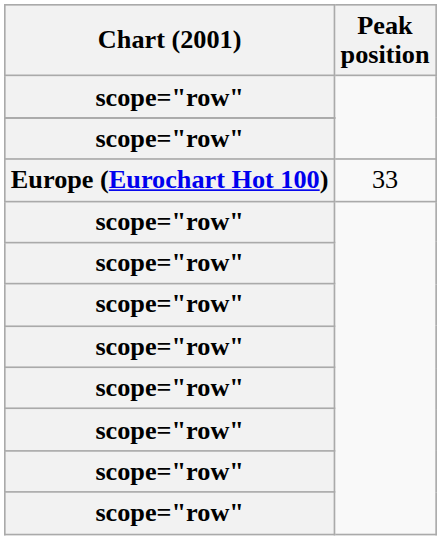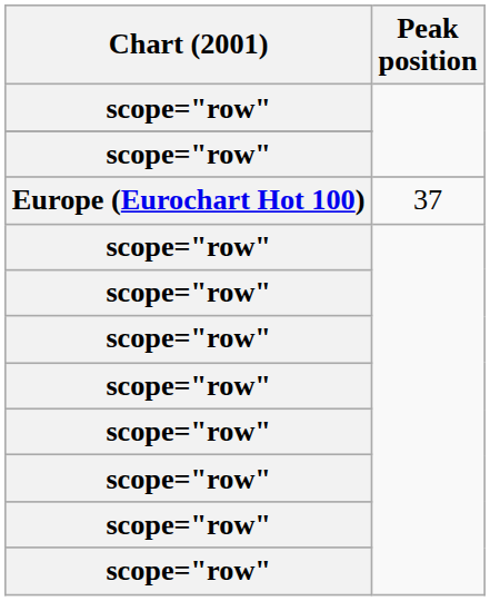 <table class="wikitable sortable plainrowheaders" style="text-align:center">
 <tr>
 <th scope="col">Chart (2001)</th>
 <th scope="col">Peak<br>position</th>
 </tr>
 <tr>
 <th>scope="row"</th>
 </tr>
 <tr>
 </tr>
 <tr>
 <th>scope="row"</th>
 </tr>
 <tr>
 <th scope="row">Europe (<a href='#'>Eurochart Hot 100</a>)</th>
-<td>33</td>
+<td>37</td>
 </tr>
 <tr>
 <th>scope="row"</th>
 </tr>
 <tr>
 <th>scope="row"</th>
 </tr>
 <tr>
 <th>scope="row"</th>
 </tr>
 <tr>
 <th>scope="row"</th>
 </tr>
 <tr>
 <th>scope="row"</th>
 </tr>
 <tr>
 <th>scope="row"</th>
 </tr>
 <tr>
 <th>scope="row"</th>
 </tr>
 <tr>
 <th>scope="row"</th>
 </tr>
 </table>
